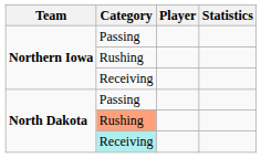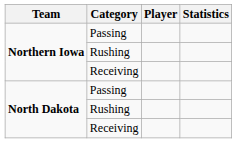 <table class="wikitable" style="float: right;">
 <tr>
 <th>Team</th>
 <th>Category</th>
 <th>Player</th>
 <th>Statistics</th>
 </tr>
 <tr>
 <td rowspan=3><strong>Northern Iowa</strong></td>
 <td>Passing</td>
 <td></td>
 <td></td>
 </tr>
 <tr>
 <td>Rushing</td>
 <td></td>
 <td></td>
 </tr>
 <tr>
 <td>Receiving</td>
 <td></td>
 <td></td>
 </tr>
 <tr>
 <td rowspan=3><strong>North Dakota</strong></td>
 <td>Passing</td>
 <td></td>
 <td></td>
 </tr>
 <tr>
-<td style="background: lightsalmon;">Rushing</td>
+<td>Rushing</td>
 <td></td>
 <td></td>
 </tr>
 <tr>
-<td style="background: paleturquoise;">Receiving</td>
+<td>Receiving</td>
 <td></td>
 <td></td>
 </tr>
 </table>
